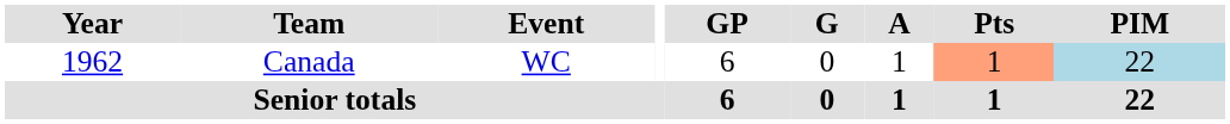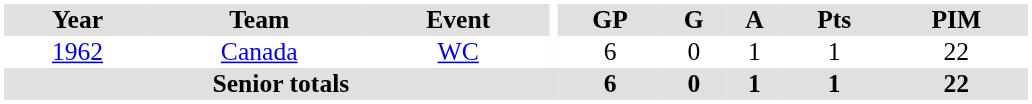 <table border="0" cellpadding="1" cellspacing="0" ID="Table3" style="text-align:center; width:40em">
 <tr bgcolor="#e0e0e0">
 <th>Year</th>
 <th>Team</th>
 <th>Event</th>
 <th rowspan="102" bgcolor="#ffffff"></th>
 <th>GP</th>
 <th>G</th>
 <th>A</th>
 <th>Pts</th>
 <th>PIM</th>
 </tr>
 <tr>
 <td><a href='#'>1962</a></td>
 <td><a href='#'>Canada</a></td>
 <td><a href='#'>WC</a></td>
 <td>6</td>
 <td>0</td>
 <td>1</td>
-<td style="background: lightsalmon;">1</td>
-<td style="background: lightblue;">22</td>
+<td>1</td>
+<td>22</td>
 </tr>
 <tr bgcolor="#e0e0e0">
 <th colspan="4">Senior totals</th>
 <th>6</th>
 <th>0</th>
 <th>1</th>
 <th>1</th>
 <th>22</th>
 </tr>
 </table>
